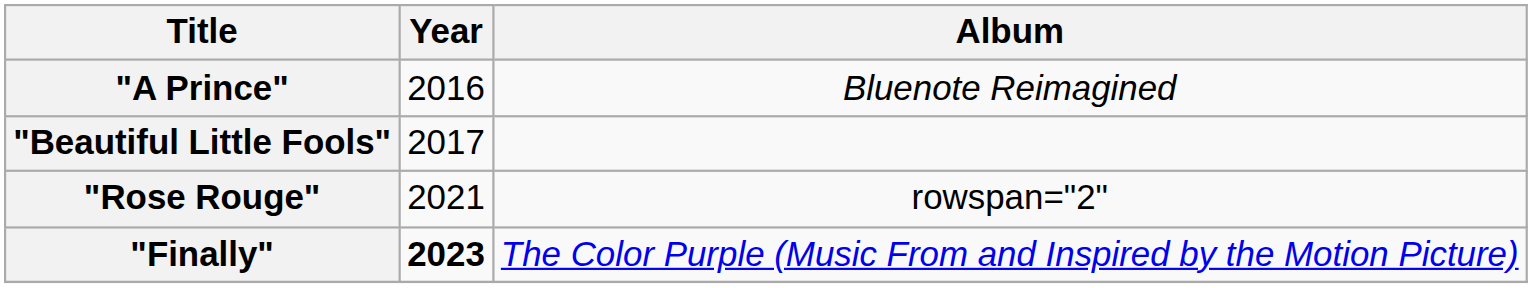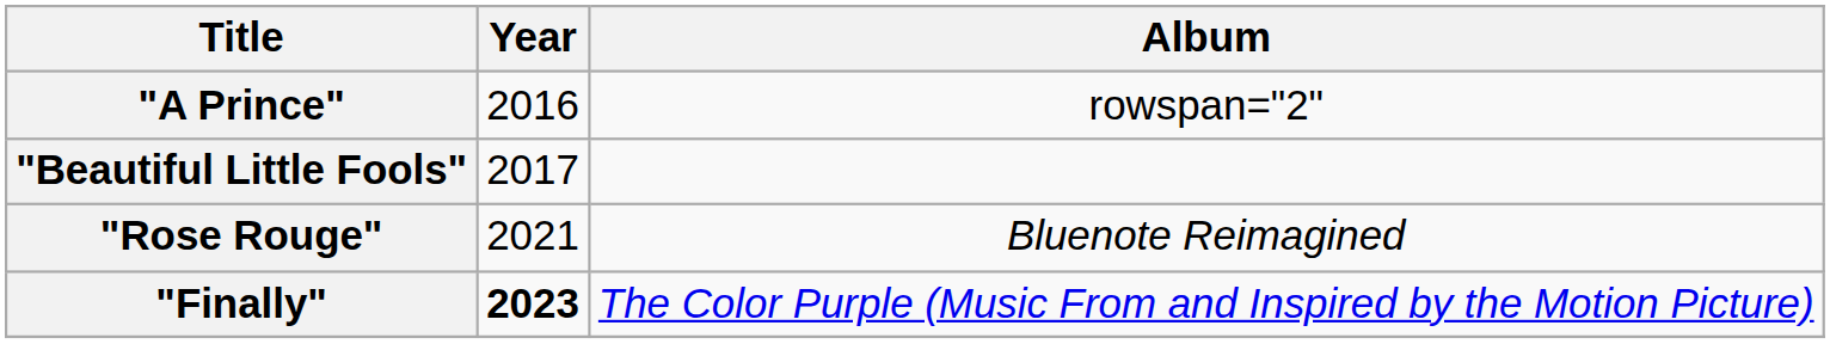 <table class="wikitable plainrowheaders" style="text-align:center;">
 <tr>
 <th scope="col">Title</th>
 <th scope="col">Year</th>
 <th scope="col">Album</th>
 </tr>
 <tr>
 <th scope="row">"A Prince"<br></th>
 <td>2016</td>
-<td><em>Bluenote Reimagined</em></td>
+<td>rowspan="2" </td>
 </tr>
 <tr>
 <th scope="row">"Beautiful Little Fools"</th>
 <td>2017</td>
 </tr>
 <tr>
 <th scope="row">"Rose Rouge"</th>
 <td>2021</td>
-<td>rowspan="2" </td>
+<td><em>Bluenote Reimagined</em></td>
 </tr>
 <tr>
 <th scope="row">"Finally"</th>
 <td><strong>2023</strong></td>
 <td><em><a href='#'>The Color Purple (Music From and Inspired by the Motion Picture)</a></em></td>
 </tr>
 <tr>
 </tr>
 </table>
